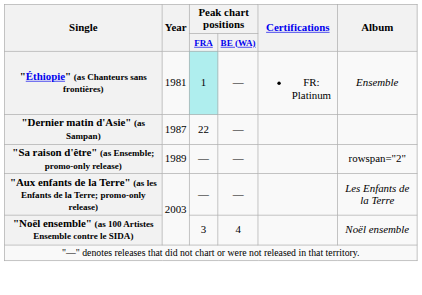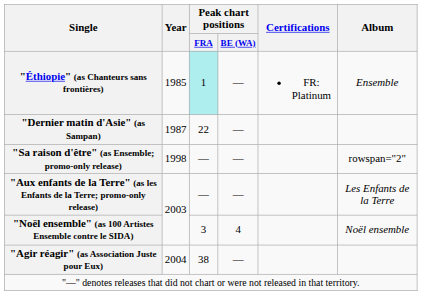 <table class="wikitable plainrowheaders" style="text-align:center;">
 <tr>
 <th rowspan="2">Single</th>
 <th rowspan="2">Year</th>
 <th colspan="2">Peak chart positions</th>
 <th rowspan="2"><a href='#'>Certifications</a></th>
 <th rowspan="2">Album</th>
 </tr>
 <tr>
 <th><small><a href='#'>FRA</a></small><br></th>
 <th><small><a href='#'>BE (WA)</a></small><br></th>
 </tr>
 <tr>
 <th scope="row">"<a href='#'>Éthiopie</a>" <small>(as Chanteurs sans frontières)</small></th>
-<td>1981</td>
+<td>1985</td>
 <td style="background: paleturquoise;">1</td>
 <td>—</td>
 <td><br><ul><li>FR: Platinum</li></ul></td>
 <td><em>Ensemble</em></td>
 </tr>
 <tr>
 <th scope="row">"Dernier matin d'Asie" <small>(as Sampan)</small></th>
 <td>1987</td>
 <td>22</td>
 <td>—</td>
 <td></td>
 </tr>
 <tr>
 <th scope="row">"Sa raison d'être" <small>(as Ensemble; promo-only release)</small></th>
-<td>1989</td>
+<td>1998</td>
 <td>—</td>
 <td>—</td>
 <td></td>
 <td>rowspan="2" </td>
 </tr>
 <tr>
 <th scope="row">"Aux enfants de la Terre" <small>(as les Enfants de la Terre; promo-only release)</small></th>
 <td rowspan="2">2003</td>
 <td>—</td>
 <td>—</td>
 <td></td>
 <td><em>Les Enfants de la Terre</em></td>
 </tr>
 <tr>
 <th scope="row">"Noël ensemble" <small>(as 100 Artistes Ensemble contre le SIDA)</small></th>
 <td>3</td>
 <td>4</td>
 <td></td>
 <td><em>Noël ensemble</em></td>
 </tr>
 <tr>
+<th scope="row">"Agir réagir" <small>(as Association Juste pour Eux)</small></th>
+<td>2004</td>
+<td>38</td>
+<td>—</td>
+<td></td>
+<td></td>
+</tr>
+<tr>
 <td colspan="6" style="font-size:90%">"—" denotes releases that did not chart or were not released in that territory.</td>
 </tr>
 </table>
